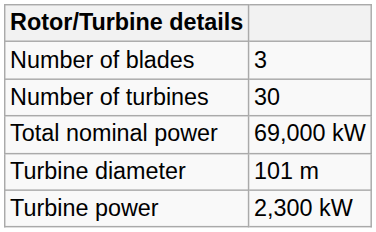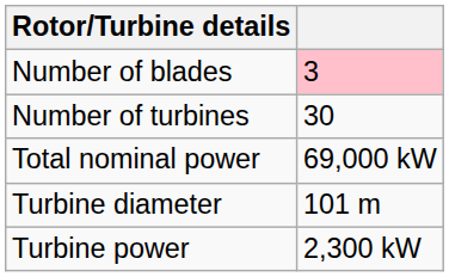 <table class="wikitable">
 <tr>
 <th>Rotor/Turbine details</th>
 <th></th>
 </tr>
 <tr>
 <td>Number of blades</td>
-<td>3</td>
+<td style="background: pink;">3</td>
 </tr>
 <tr>
 <td>Number of turbines</td>
 <td>30</td>
 </tr>
 <tr>
 <td>Total nominal power</td>
 <td>69,000 kW</td>
 </tr>
 <tr>
 <td>Turbine diameter</td>
 <td>101 m</td>
 </tr>
 <tr>
 <td>Turbine power</td>
 <td>2,300 kW</td>
 </tr>
 </table>
